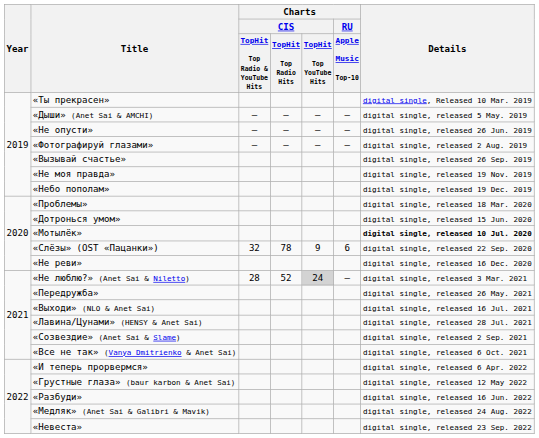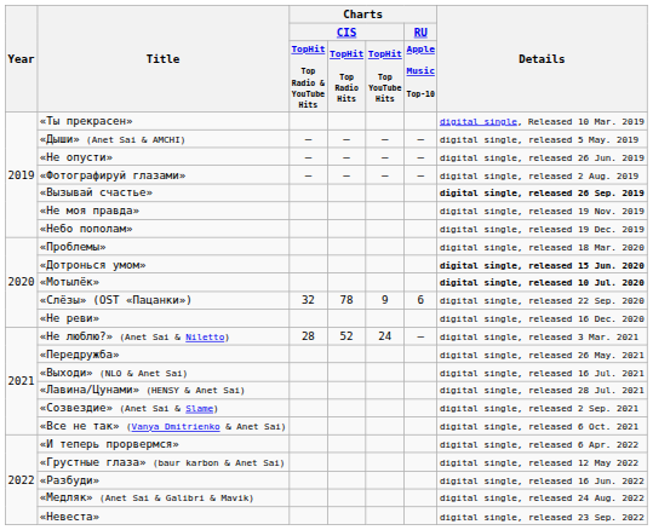 <table class="wikitable">
 <tr>
 <th rowspan="3">Year</th>
 <th rowspan="3">Title</th>
 <th colspan="4">Charts</th>
 <th rowspan="3">Details</th>
 </tr>
 <tr>
 <th colspan="3"><a href='#'>CIS</a></th>
 <th colspan="1"><a href='#'>RU</a></th>
 </tr>
 <tr>
 <th style="width:3em;font-size:85%;"><a href='#'>TopHit</a><br><br><small>Top Radio & YouTube Hits</small></th>
 <th style="width:3em;font-size:85%;"><a href='#'>TopHit</a><br><br><small>Top Radio Hits</small></th>
 <th style="width:3em;font-size:85%;"><a href='#'>TopHit</a><br><br><small>Top YouTube Hits</small></th>
 <th style="width:3em;font-size:85%;"><a href='#'>Apple<br><br>Music</a><br><br><small>Top-10</small><br><br></th>
 </tr>
 <tr>
 <td rowspan="7">2019</td>
 <td>«Ты прекрасен»</td>
 <td></td>
 <td></td>
 <td></td>
 <td></td>
 <td><small><a href='#'>digital single</a>, Released 10 Mar. 2019</small></td>
 </tr>
 <tr>
 <td>«Дыши» <small>(Anet Sai & AMCHI)</small></td>
 <td align="center">—</td>
 <td align="center">—</td>
 <td align="center">—</td>
 <td align="center">—</td>
 <td><small>digital single, released 5 May. 2019</small></td>
 </tr>
 <tr>
 <td>«Не опусти»</td>
 <td align="center">—</td>
 <td align="center">—</td>
 <td align="center">—</td>
 <td align="center">—</td>
 <td><small>digital single, released 26 Jun. 2019</small></td>
 </tr>
 <tr>
 <td>«Фотографируй глазами»</td>
 <td align="center">—</td>
 <td align="center">—</td>
 <td align="center">—</td>
 <td align="center">—</td>
 <td><small>digital single, released 2 Aug. 2019</small></td>
 </tr>
 <tr>
 <td>«Вызывай счастье»</td>
 <td></td>
 <td></td>
 <td></td>
 <td></td>
-<td><small>digital single, released 26 Sep. 2019</small></td>
+<td><strong><small>digital single, released 26 Sep. 2019</small></strong></td>
 </tr>
 <tr>
 <td>«Не моя правда»</td>
 <td></td>
 <td></td>
 <td></td>
 <td></td>
 <td><small>digital single, released 19 Nov. 2019</small></td>
 </tr>
 <tr>
 <td>«Небо пополам»</td>
 <td></td>
 <td></td>
 <td></td>
 <td></td>
 <td><small>digital single, released 19 Dec. 2019</small></td>
 </tr>
 <tr>
 <td rowspan="5">2020</td>
 <td>«Проблемы»</td>
 <td></td>
 <td></td>
 <td></td>
 <td></td>
 <td><small>digital single, released 18 Mar. 2020</small></td>
 </tr>
 <tr>
 <td>«Дотронься умом»</td>
 <td></td>
 <td></td>
 <td></td>
 <td></td>
-<td><small>digital single, released 15 Jun. 2020</small></td>
+<td><strong><small>digital single, released 15 Jun. 2020</small></strong></td>
 </tr>
 <tr>
 <td>«Мотылёк»</td>
 <td></td>
 <td></td>
 <td></td>
 <td></td>
 <td><strong><small>digital single, released 10 Jul. 2020</small></strong></td>
 </tr>
 <tr>
 <td>«Слёзы»  (OST «Пацанки»)</td>
 <td align="center">32</td>
 <td align="center">78</td>
 <td align="center">9</td>
 <td align="center">6</td>
 <td><small>digital single, released 22 Sep. 2020</small></td>
 </tr>
 <tr>
 <td>«Не реви»</td>
 <td></td>
 <td></td>
 <td></td>
 <td></td>
 <td><small>digital single, released 16 Dec. 2020</small></td>
 </tr>
 <tr>
 <td rowspan="6">2021</td>
 <td>«Не люблю?» <small>(Anet Sai & <a href='#'>Niletto</a>)</small></td>
 <td align="center">28</td>
 <td align="center">52</td>
-<td align="center" style="background: lightgrey;">24</td>
+<td align="center">24</td>
 <td align="center">—</td>
 <td><small>digital single, released 3 Mar. 2021</small></td>
 </tr>
 <tr>
 <td>«Передружба»</td>
 <td></td>
 <td></td>
 <td></td>
 <td></td>
 <td><small>digital single, released 26 May. 2021</small></td>
 </tr>
 <tr>
 <td>«Выходи» <small>(NLO & Anet Sai)</small></td>
 <td></td>
 <td></td>
 <td></td>
 <td></td>
 <td><small>digital single, released 16 Jul. 2021</small></td>
 </tr>
 <tr>
 <td>«Лавина/Цунами» <small>(HENSY & Anet Sai)</small></td>
 <td></td>
 <td></td>
 <td></td>
 <td></td>
 <td><small>digital single, released 28 Jul. 2021</small></td>
 </tr>
 <tr>
 <td>«Созвездие» <small>(Anet Sai & <a href='#'>Slame</a>)</small></td>
 <td></td>
 <td></td>
 <td></td>
 <td></td>
 <td><small>digital single, released 2 Sep. 2021</small></td>
 </tr>
 <tr>
 <td>«Все не так» <small>(<a href='#'>Vanya Dmitrienko</a> & Anet Sai)</small></td>
 <td></td>
 <td></td>
 <td></td>
 <td></td>
 <td><small>digital single, released 6 Oct. 2021</small></td>
 </tr>
 <tr>
 <td rowspan="5">2022</td>
 <td>«И теперь прорвермся»</td>
 <td></td>
 <td></td>
 <td></td>
 <td></td>
 <td><small>digital single, released 6 Apr. 2022</small></td>
 </tr>
 <tr>
 <td>«Грустные глаза» <small>(baur karbon & Anet Sai)</small></td>
 <td></td>
 <td></td>
 <td></td>
 <td></td>
 <td><small>digital single, released 12 May 2022</small></td>
 </tr>
 <tr>
 <td>«Разбуди»</td>
 <td></td>
 <td></td>
 <td></td>
 <td></td>
 <td><small>digital single, released 16 Jun. 2022</small></td>
 </tr>
 <tr>
 <td>«Медляк» <small>(Anet Sai & Galibri &amp; Mavik)</small></td>
 <td></td>
 <td></td>
 <td></td>
 <td></td>
 <td><small>digital single, released 24 Aug. 2022</small></td>
 </tr>
 <tr>
 <td>«Невеста»</td>
 <td></td>
 <td></td>
 <td></td>
 <td></td>
 <td><small>digital single, released 23 Sep. 2022</small></td>
 </tr>
 </table>
